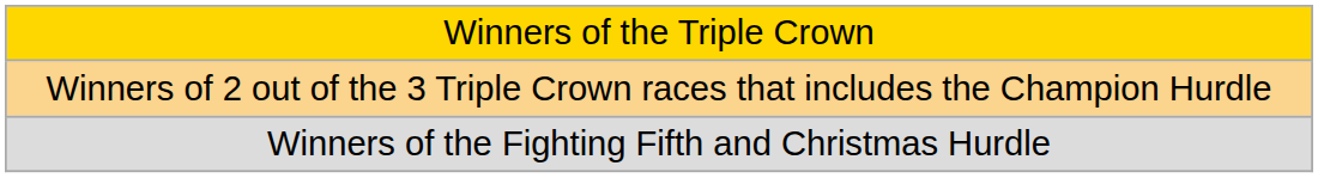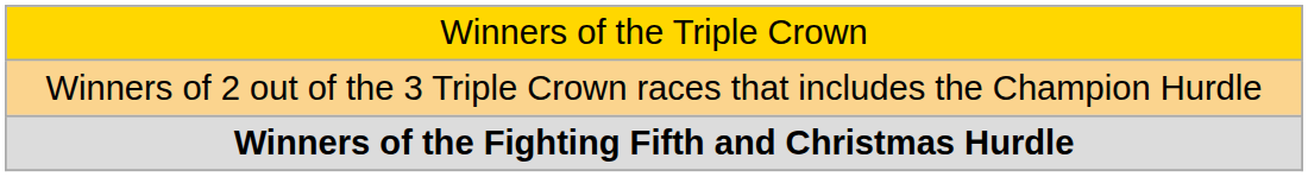 <table class="wikitable" width="600px">
 <tr>
 <td style="background-color:gold; width:7%; text-align:center;">Winners of the Triple Crown</td>
 </tr>
 <tr>
 <td style="background-color:#FBD48E; text-align:center;">Winners of 2 out of the 3 Triple Crown races that includes the Champion Hurdle</td>
 </tr>
 <tr>
-<td style="background-color:#DCDCDC; text-align:center;">Winners of the Fighting Fifth and Christmas Hurdle</td>
+<td style="background-color:#DCDCDC; text-align:center;"><strong>Winners of the Fighting Fifth and Christmas Hurdle</strong></td>
 </tr>
 </table>
